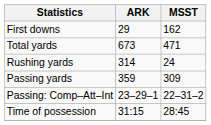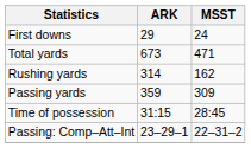 <table class="wikitable" style="float: left;">
 <tr>
 <th>Statistics</th>
 <th>ARK</th>
 <th>MSST</th>
 </tr>
 <tr>
 <td>First downs</td>
 <td>29</td>
-<td>162</td>
+<td>24</td>
 </tr>
 <tr>
 <td>Total yards</td>
 <td>673</td>
 <td>471</td>
 </tr>
 <tr>
 <td>Rushing yards</td>
 <td>314</td>
-<td>24</td>
+<td>162</td>
 </tr>
 <tr>
 <td>Passing yards</td>
 <td>359</td>
 <td>309</td>
 </tr>
 <tr>
+<td>Time of possession</td>
+<td>31:15</td>
+<td>28:45</td>
+</tr>
+<tr>
 <td>Passing: Comp–Att–Int</td>
 <td>23–29–1</td>
 <td>22–31–2</td>
 </tr>
 <tr>
-<td>Time of possession</td>
-<td>31:15</td>
-<td>28:45</td>
-</tr>
-<tr>
 </tr>
 </table>
